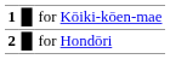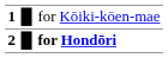 <table border="1" cellspacing="0" cellpadding="3" frame="hsides" rules="rows" style="margin-top:.4em; text-align:left">
 <tr>
 <th>1</th>
 <td><span>█</span></td>
 <td>for <a href='#'>Kōiki-kōen-mae</a></td>
 </tr>
 <tr>
 <th>2</th>
 <td><span>█</span></td>
-<td>for <a href='#'>Hondōri</a></td>
+<td><strong>for <a href='#'>Hondōri</a></strong></td>
 </tr>
 </table>
